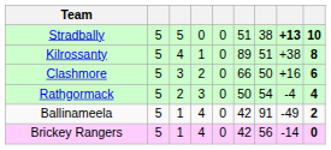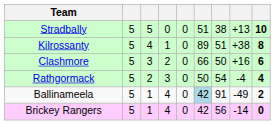 <table class="wikitable" style="text-align:center">
 <tr>
 <th style="width:175px;">Team</th>
 <th width="20"></th>
 <th width="20"></th>
 <th width="20"></th>
 <th width="20"></th>
 <th width="20"></th>
 <th width="20"></th>
 <th width="20"></th>
 <th width="20"></th>
 </tr>
 <tr style="background:#cfc;">
 <td><a href='#'>Stradbally</a></td>
 <td>5</td>
 <td>5</td>
 <td>0</td>
 <td>0</td>
 <td>51</td>
 <td>38</td>
-<td><strong>+13</strong></td>
+<td>+13</td>
 <td><strong>10</strong></td>
 </tr>
 <tr style="background:#cfc;">
 <td><a href='#'>Kilrossanty</a></td>
 <td>5</td>
 <td>4</td>
 <td>1</td>
 <td>0</td>
 <td>89</td>
 <td>51</td>
 <td>+38</td>
 <td><strong>8</strong></td>
 </tr>
 <tr style="background:#cfc;">
 <td><a href='#'>Clashmore</a></td>
 <td>5</td>
 <td>3</td>
 <td>2</td>
 <td>0</td>
 <td>66</td>
 <td>50</td>
 <td>+16</td>
 <td><strong>6</strong></td>
 </tr>
 <tr style="background:#cfc;">
 <td><a href='#'>Rathgormack</a></td>
 <td>5</td>
 <td>2</td>
 <td>3</td>
 <td>0</td>
 <td>50</td>
 <td>54</td>
 <td>-4</td>
 <td><strong>4</strong></td>
 </tr>
 <tr>
 <td>Ballinameela</td>
 <td>5</td>
 <td>1</td>
 <td>4</td>
 <td>0</td>
-<td>42</td>
+<td style="background: lightblue;">42</td>
 <td>91</td>
 <td>-49</td>
 <td><strong>2</strong></td>
 </tr>
 <tr style="background:#fcf;">
 <td>Brickey Rangers</td>
 <td>5</td>
 <td>1</td>
 <td>4</td>
 <td>0</td>
 <td>42</td>
 <td>56</td>
 <td>-14</td>
 <td><strong>0</strong></td>
 </tr>
 </table>
